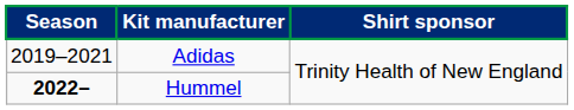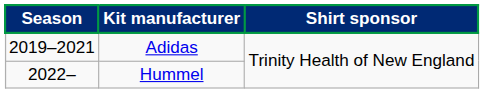 <table class="wikitable" style="text-align: center">
 <tr>
 <th style="background:#002974; color:white; border:2px solid #009943;">Season</th>
 <th style="background:#002974; color:white; border:2px solid #009943;">Kit manufacturer</th>
 <th style="background:#002974; color:white; border:2px solid #009943;">Shirt sponsor</th>
 </tr>
 <tr>
 <td>2019–2021</td>
 <td> <a href='#'>Adidas</a></td>
 <td rowspan="2">Trinity Health of New England</td>
 </tr>
 <tr>
-<td><strong>2022–</strong></td>
+<td>2022–</td>
 <td> <a href='#'>Hummel</a></td>
 </tr>
 </table>
